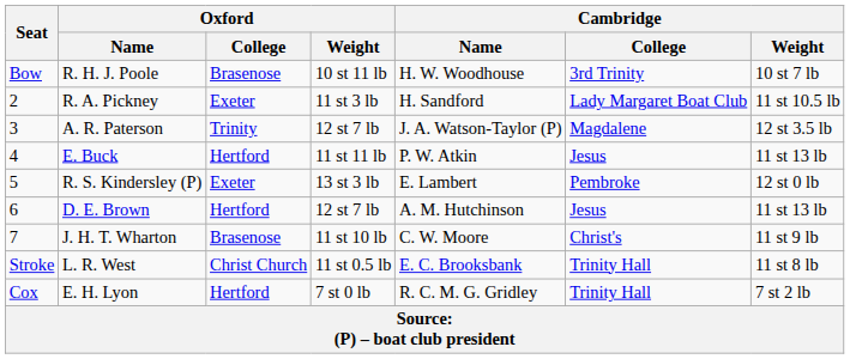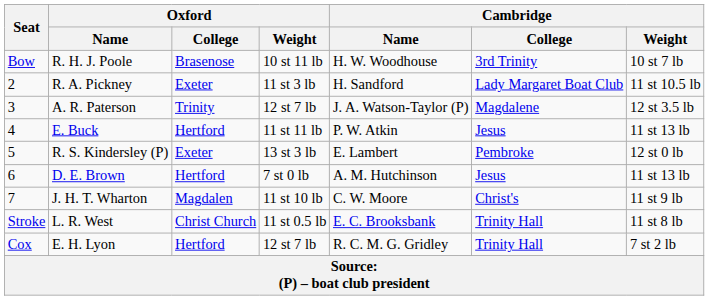 <table class="wikitable">
 <tr>
 <th rowspan="2" scope="col">Seat</th>
 <th colspan="3" scope="col">Oxford <br> </th>
 <th colspan="3" scope="col">Cambridge <br> </th>
 </tr>
 <tr>
 <th>Name</th>
 <th>College</th>
 <th>Weight</th>
 <th>Name</th>
 <th>College</th>
 <th>Weight</th>
 </tr>
 <tr>
 <td><a href='#'>Bow</a></td>
 <td>R. H. J. Poole</td>
 <td><a href='#'>Brasenose</a></td>
 <td>10 st 11 lb</td>
 <td>H. W. Woodhouse</td>
 <td><a href='#'>3rd Trinity</a></td>
 <td>10 st 7 lb</td>
 </tr>
 <tr>
 <td>2</td>
 <td>R. A. Pickney</td>
 <td><a href='#'>Exeter</a></td>
 <td>11 st 3 lb</td>
 <td>H. Sandford</td>
 <td><a href='#'>Lady Margaret Boat Club</a></td>
 <td>11 st 10.5 lb</td>
 </tr>
 <tr>
 <td>3</td>
 <td>A. R. Paterson</td>
 <td><a href='#'>Trinity</a></td>
 <td>12 st 7 lb</td>
 <td>J. A. Watson-Taylor (P)</td>
 <td><a href='#'>Magdalene</a></td>
 <td>12 st 3.5 lb</td>
 </tr>
 <tr>
 <td>4</td>
 <td><a href='#'>E. Buck</a></td>
 <td><a href='#'>Hertford</a></td>
 <td>11 st 11 lb</td>
 <td>P. W. Atkin</td>
 <td><a href='#'>Jesus</a></td>
 <td>11 st 13 lb</td>
 </tr>
 <tr>
 <td>5</td>
 <td>R. S. Kindersley (P)</td>
 <td><a href='#'>Exeter</a></td>
 <td>13 st 3 lb</td>
 <td>E. Lambert</td>
 <td><a href='#'>Pembroke</a></td>
 <td>12 st 0 lb</td>
 </tr>
 <tr>
 <td>6</td>
 <td><a href='#'>D. E. Brown</a></td>
 <td><a href='#'>Hertford</a></td>
-<td>12 st 7 lb</td>
+<td>7 st 0 lb</td>
 <td>A. M. Hutchinson</td>
 <td><a href='#'>Jesus</a></td>
 <td>11 st 13 lb</td>
 </tr>
 <tr>
 <td>7</td>
 <td>J. H. T. Wharton</td>
-<td><a href='#'>Brasenose</a></td>
+<td><a href='#'>Magdalen</a></td>
 <td>11 st 10 lb</td>
 <td>C. W. Moore</td>
 <td><a href='#'>Christ's</a></td>
 <td>11 st 9 lb</td>
 </tr>
 <tr>
 <td><a href='#'>Stroke</a></td>
 <td>L. R. West</td>
 <td><a href='#'>Christ Church</a></td>
 <td>11 st 0.5 lb</td>
 <td><a href='#'>E. C. Brooksbank</a></td>
 <td><a href='#'>Trinity Hall</a></td>
 <td>11 st 8 lb</td>
 </tr>
 <tr>
 <td><a href='#'>Cox</a></td>
 <td>E. H. Lyon</td>
 <td><a href='#'>Hertford</a></td>
-<td>7 st 0 lb</td>
+<td>12 st 7 lb</td>
 <td>R. C. M. G. Gridley</td>
 <td><a href='#'>Trinity Hall</a></td>
 <td>7 st 2 lb</td>
 </tr>
 <tr>
 <th colspan="7">Source:<br>(P) – boat club president</th>
 </tr>
 </table>
